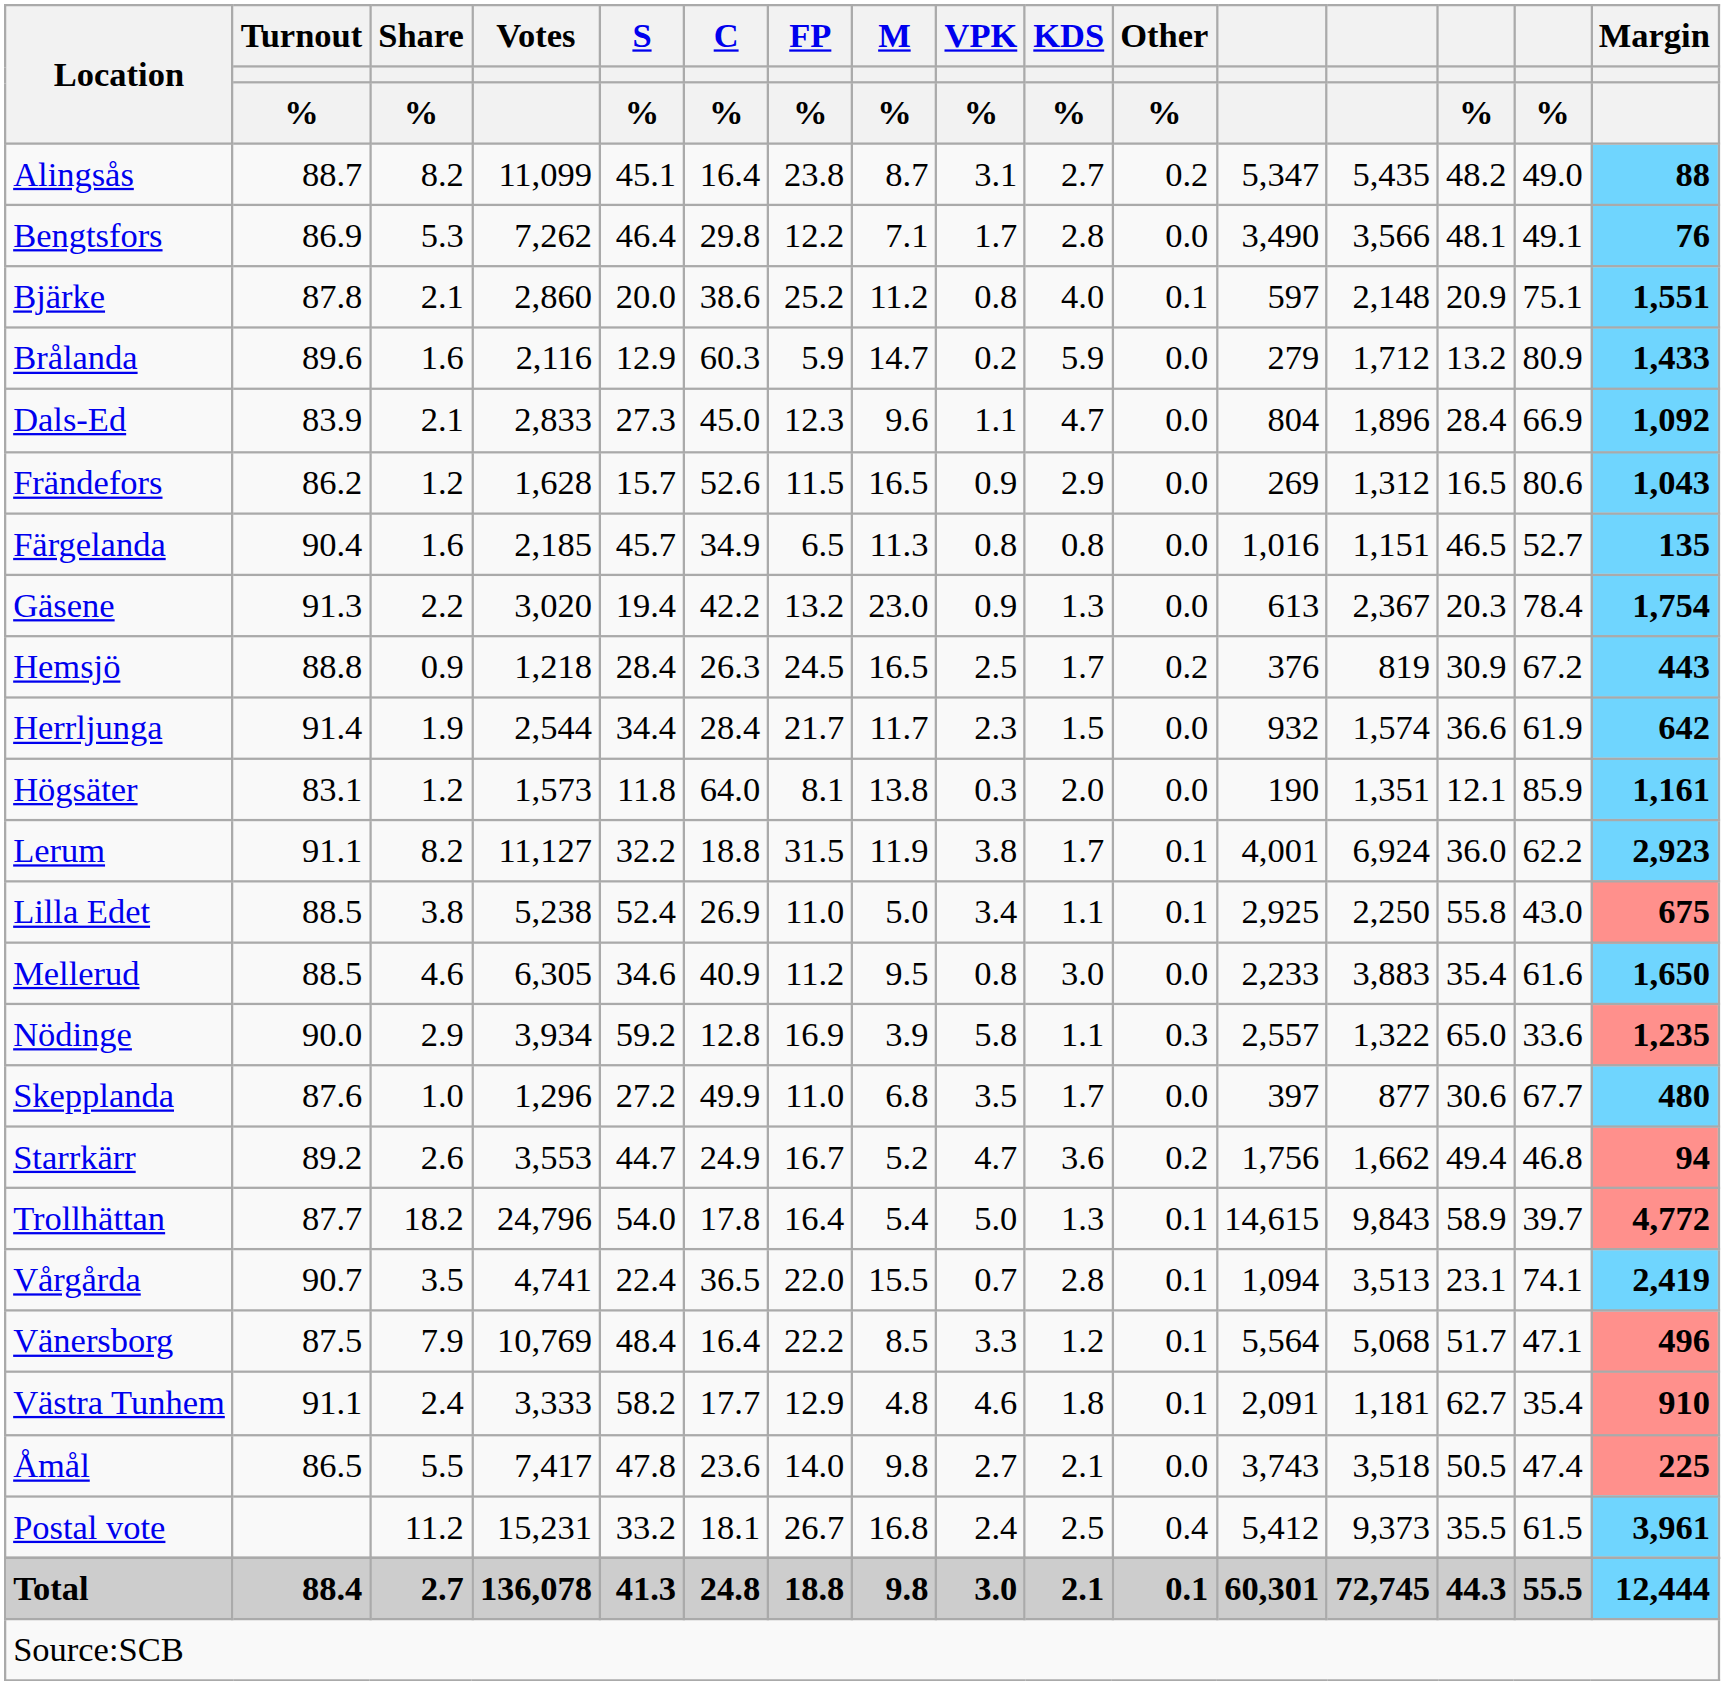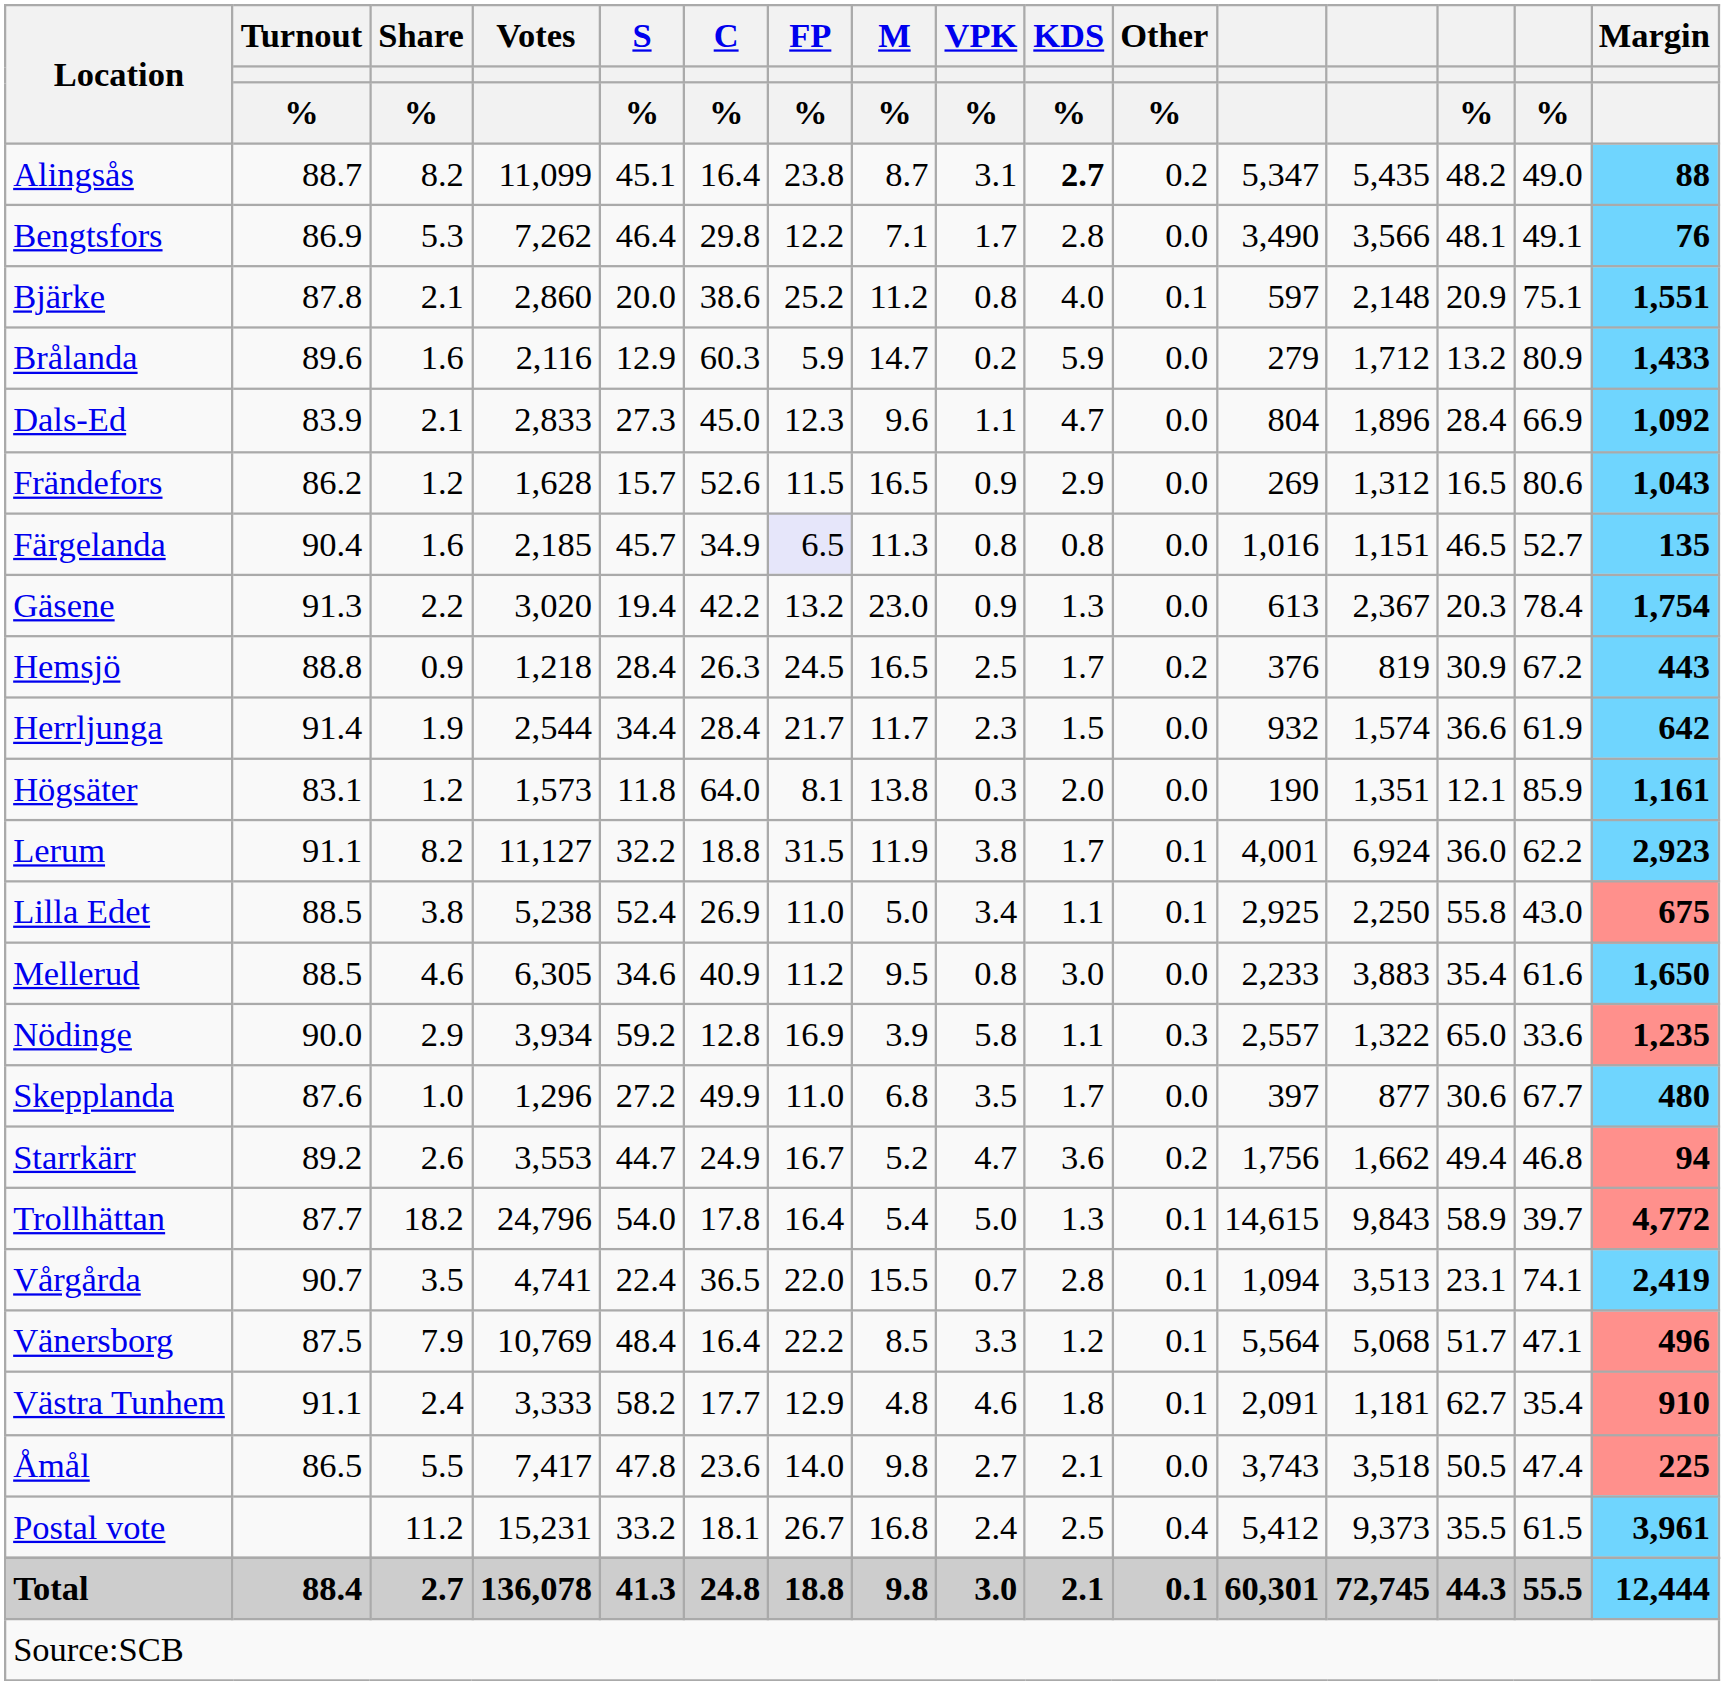 <table class="wikitable sortable" style="text-align:right; font-size:95%; line-height:20px;">
 <tr>
 <th rowspan="3">Location</th>
 <th>Turnout</th>
 <th>Share</th>
 <th>Votes</th>
 <th width="30px" class="unsortable"><a href='#'>S</a></th>
 <th width="30px" class="unsortable"><a href='#'>C</a></th>
 <th width="30px" class="unsortable"><a href='#'>FP</a></th>
 <th width="30px" class="unsortable"><a href='#'>M</a></th>
 <th width="30px" class="unsortable"><a href='#'>VPK</a></th>
 <th width="30px" class="unsortable"><a href='#'>KDS</a></th>
 <th width="30px" class="unsortable">Other</th>
 <th></th>
 <th></th>
 <th></th>
 <th></th>
 <th>Margin</th>
 </tr>
 <tr>
 <th></th>
 <th></th>
 <th></th>
 <th style="background:"></th>
 <th style="background:"></th>
 <th style="background:"></th>
 <th style="background:"></th>
 <th style="background:"></th>
 <th style="background:"></th>
 <th style="background:"></th>
 <th style="background:"></th>
 <th style="background:"></th>
 <th style="background:"></th>
 <th style="background:"></th>
 <th></th>
 </tr>
 <tr>
 <th data-sort-type="number">%</th>
 <th data-sort-type="number">%</th>
 <th></th>
 <th data-sort-type="number">%</th>
 <th data-sort-type="number">%</th>
 <th data-sort-type="number">%</th>
 <th data-sort-type="number">%</th>
 <th data-sort-type="number">%</th>
 <th data-sort-type="number">%</th>
 <th data-sort-type="number">%</th>
 <th data-sort-type="number"></th>
 <th data-sort-type="number"></th>
 <th data-sort-type="number">%</th>
 <th data-sort-type="number">%</th>
 <th data-sort-type="number"></th>
 </tr>
 <tr>
 <td align=left><a href='#'>Alingsås</a></td>
 <td>88.7</td>
 <td>8.2</td>
 <td>11,099</td>
 <td>45.1</td>
 <td>16.4</td>
 <td>23.8</td>
 <td>8.7</td>
 <td>3.1</td>
-<td>2.7</td>
+<td><strong>2.7</strong></td>
 <td>0.2</td>
 <td>5,347</td>
 <td>5,435</td>
 <td>48.2</td>
 <td>49.0</td>
 <td bgcolor=#6fd5fe><strong>88</strong></td>
 </tr>
 <tr>
 <td align=left><a href='#'>Bengtsfors</a></td>
 <td>86.9</td>
 <td>5.3</td>
 <td>7,262</td>
 <td>46.4</td>
 <td>29.8</td>
 <td>12.2</td>
 <td>7.1</td>
 <td>1.7</td>
 <td>2.8</td>
 <td>0.0</td>
 <td>3,490</td>
 <td>3,566</td>
 <td>48.1</td>
 <td>49.1</td>
 <td bgcolor=#6fd5fe><strong>76</strong></td>
 </tr>
 <tr>
 <td align=left><a href='#'>Bjärke</a></td>
 <td>87.8</td>
 <td>2.1</td>
 <td>2,860</td>
 <td>20.0</td>
 <td>38.6</td>
 <td>25.2</td>
 <td>11.2</td>
 <td>0.8</td>
 <td>4.0</td>
 <td>0.1</td>
 <td>597</td>
 <td>2,148</td>
 <td>20.9</td>
 <td>75.1</td>
 <td bgcolor=#6fd5fe><strong>1,551</strong></td>
 </tr>
 <tr>
 <td align=left><a href='#'>Brålanda</a></td>
 <td>89.6</td>
 <td>1.6</td>
 <td>2,116</td>
 <td>12.9</td>
 <td>60.3</td>
 <td>5.9</td>
 <td>14.7</td>
 <td>0.2</td>
 <td>5.9</td>
 <td>0.0</td>
 <td>279</td>
 <td>1,712</td>
 <td>13.2</td>
 <td>80.9</td>
 <td bgcolor=#6fd5fe><strong>1,433</strong></td>
 </tr>
 <tr>
 <td align=left><a href='#'>Dals-Ed</a></td>
 <td>83.9</td>
 <td>2.1</td>
 <td>2,833</td>
 <td>27.3</td>
 <td>45.0</td>
 <td>12.3</td>
 <td>9.6</td>
 <td>1.1</td>
 <td>4.7</td>
 <td>0.0</td>
 <td>804</td>
 <td>1,896</td>
 <td>28.4</td>
 <td>66.9</td>
 <td bgcolor=#6fd5fe><strong>1,092</strong></td>
 </tr>
 <tr>
 <td align=left><a href='#'>Frändefors</a></td>
 <td>86.2</td>
 <td>1.2</td>
 <td>1,628</td>
 <td>15.7</td>
 <td>52.6</td>
 <td>11.5</td>
 <td>16.5</td>
 <td>0.9</td>
 <td>2.9</td>
 <td>0.0</td>
 <td>269</td>
 <td>1,312</td>
 <td>16.5</td>
 <td>80.6</td>
 <td bgcolor=#6fd5fe><strong>1,043</strong></td>
 </tr>
 <tr>
 <td align=left><a href='#'>Färgelanda</a></td>
 <td>90.4</td>
 <td>1.6</td>
 <td>2,185</td>
 <td>45.7</td>
 <td>34.9</td>
-<td>6.5</td>
+<td style="background: lavender;">6.5</td>
 <td>11.3</td>
 <td>0.8</td>
 <td>0.8</td>
 <td>0.0</td>
 <td>1,016</td>
 <td>1,151</td>
 <td>46.5</td>
 <td>52.7</td>
 <td bgcolor=#6fd5fe><strong>135</strong></td>
 </tr>
 <tr>
 <td align=left><a href='#'>Gäsene</a></td>
 <td>91.3</td>
 <td>2.2</td>
 <td>3,020</td>
 <td>19.4</td>
 <td>42.2</td>
 <td>13.2</td>
 <td>23.0</td>
 <td>0.9</td>
 <td>1.3</td>
 <td>0.0</td>
 <td>613</td>
 <td>2,367</td>
 <td>20.3</td>
 <td>78.4</td>
 <td bgcolor=#6fd5fe><strong>1,754</strong></td>
 </tr>
 <tr>
 <td align=left><a href='#'>Hemsjö</a></td>
 <td>88.8</td>
 <td>0.9</td>
 <td>1,218</td>
 <td>28.4</td>
 <td>26.3</td>
 <td>24.5</td>
 <td>16.5</td>
 <td>2.5</td>
 <td>1.7</td>
 <td>0.2</td>
 <td>376</td>
 <td>819</td>
 <td>30.9</td>
 <td>67.2</td>
 <td bgcolor=#6fd5fe><strong>443</strong></td>
 </tr>
 <tr>
 <td align=left><a href='#'>Herrljunga</a></td>
 <td>91.4</td>
 <td>1.9</td>
 <td>2,544</td>
 <td>34.4</td>
 <td>28.4</td>
 <td>21.7</td>
 <td>11.7</td>
 <td>2.3</td>
 <td>1.5</td>
 <td>0.0</td>
 <td>932</td>
 <td>1,574</td>
 <td>36.6</td>
 <td>61.9</td>
 <td bgcolor=#6fd5fe><strong>642</strong></td>
 </tr>
 <tr>
 <td align=left><a href='#'>Högsäter</a></td>
 <td>83.1</td>
 <td>1.2</td>
 <td>1,573</td>
 <td>11.8</td>
 <td>64.0</td>
 <td>8.1</td>
 <td>13.8</td>
 <td>0.3</td>
 <td>2.0</td>
 <td>0.0</td>
 <td>190</td>
 <td>1,351</td>
 <td>12.1</td>
 <td>85.9</td>
 <td bgcolor=#6fd5fe><strong>1,161</strong></td>
 </tr>
 <tr>
 <td align=left><a href='#'>Lerum</a></td>
 <td>91.1</td>
 <td>8.2</td>
 <td>11,127</td>
 <td>32.2</td>
 <td>18.8</td>
 <td>31.5</td>
 <td>11.9</td>
 <td>3.8</td>
 <td>1.7</td>
 <td>0.1</td>
 <td>4,001</td>
 <td>6,924</td>
 <td>36.0</td>
 <td>62.2</td>
 <td bgcolor=#6fd5fe><strong>2,923</strong></td>
 </tr>
 <tr>
 <td align=left><a href='#'>Lilla Edet</a></td>
 <td>88.5</td>
 <td>3.8</td>
 <td>5,238</td>
 <td>52.4</td>
 <td>26.9</td>
 <td>11.0</td>
 <td>5.0</td>
 <td>3.4</td>
 <td>1.1</td>
 <td>0.1</td>
 <td>2,925</td>
 <td>2,250</td>
 <td>55.8</td>
 <td>43.0</td>
 <td bgcolor=#ff908c><strong>675</strong></td>
 </tr>
 <tr>
 <td align=left><a href='#'>Mellerud</a></td>
 <td>88.5</td>
 <td>4.6</td>
 <td>6,305</td>
 <td>34.6</td>
 <td>40.9</td>
 <td>11.2</td>
 <td>9.5</td>
 <td>0.8</td>
 <td>3.0</td>
 <td>0.0</td>
 <td>2,233</td>
 <td>3,883</td>
 <td>35.4</td>
 <td>61.6</td>
 <td bgcolor=#6fd5fe><strong>1,650</strong></td>
 </tr>
 <tr>
 <td align=left><a href='#'>Nödinge</a></td>
 <td>90.0</td>
 <td>2.9</td>
 <td>3,934</td>
 <td>59.2</td>
 <td>12.8</td>
 <td>16.9</td>
 <td>3.9</td>
 <td>5.8</td>
 <td>1.1</td>
 <td>0.3</td>
 <td>2,557</td>
 <td>1,322</td>
 <td>65.0</td>
 <td>33.6</td>
 <td bgcolor=#ff908c><strong>1,235</strong></td>
 </tr>
 <tr>
 <td align=left><a href='#'>Skepplanda</a></td>
 <td>87.6</td>
 <td>1.0</td>
 <td>1,296</td>
 <td>27.2</td>
 <td>49.9</td>
 <td>11.0</td>
 <td>6.8</td>
 <td>3.5</td>
 <td>1.7</td>
 <td>0.0</td>
 <td>397</td>
 <td>877</td>
 <td>30.6</td>
 <td>67.7</td>
 <td bgcolor=#6fd5fe><strong>480</strong></td>
 </tr>
 <tr>
 <td align=left><a href='#'>Starrkärr</a></td>
 <td>89.2</td>
 <td>2.6</td>
 <td>3,553</td>
 <td>44.7</td>
 <td>24.9</td>
 <td>16.7</td>
 <td>5.2</td>
 <td>4.7</td>
 <td>3.6</td>
 <td>0.2</td>
 <td>1,756</td>
 <td>1,662</td>
 <td>49.4</td>
 <td>46.8</td>
 <td bgcolor=#ff908c><strong>94</strong></td>
 </tr>
 <tr>
 <td align=left><a href='#'>Trollhättan</a></td>
 <td>87.7</td>
 <td>18.2</td>
 <td>24,796</td>
 <td>54.0</td>
 <td>17.8</td>
 <td>16.4</td>
 <td>5.4</td>
 <td>5.0</td>
 <td>1.3</td>
 <td>0.1</td>
 <td>14,615</td>
 <td>9,843</td>
 <td>58.9</td>
 <td>39.7</td>
 <td bgcolor=#ff908c><strong>4,772</strong></td>
 </tr>
 <tr>
 <td align=left><a href='#'>Vårgårda</a></td>
 <td>90.7</td>
 <td>3.5</td>
 <td>4,741</td>
 <td>22.4</td>
 <td>36.5</td>
 <td>22.0</td>
 <td>15.5</td>
 <td>0.7</td>
 <td>2.8</td>
 <td>0.1</td>
 <td>1,094</td>
 <td>3,513</td>
 <td>23.1</td>
 <td>74.1</td>
 <td bgcolor=#6fd5fe><strong>2,419</strong></td>
 </tr>
 <tr>
 <td align=left><a href='#'>Vänersborg</a></td>
 <td>87.5</td>
 <td>7.9</td>
 <td>10,769</td>
 <td>48.4</td>
 <td>16.4</td>
 <td>22.2</td>
 <td>8.5</td>
 <td>3.3</td>
 <td>1.2</td>
 <td>0.1</td>
 <td>5,564</td>
 <td>5,068</td>
 <td>51.7</td>
 <td>47.1</td>
 <td bgcolor=#ff908c><strong>496</strong></td>
 </tr>
 <tr>
 <td align=left><a href='#'>Västra Tunhem</a></td>
 <td>91.1</td>
 <td>2.4</td>
 <td>3,333</td>
 <td>58.2</td>
 <td>17.7</td>
 <td>12.9</td>
 <td>4.8</td>
 <td>4.6</td>
 <td>1.8</td>
 <td>0.1</td>
 <td>2,091</td>
 <td>1,181</td>
 <td>62.7</td>
 <td>35.4</td>
 <td bgcolor=#ff908c><strong>910</strong></td>
 </tr>
 <tr>
 <td align=left><a href='#'>Åmål</a></td>
 <td>86.5</td>
 <td>5.5</td>
 <td>7,417</td>
 <td>47.8</td>
 <td>23.6</td>
 <td>14.0</td>
 <td>9.8</td>
 <td>2.7</td>
 <td>2.1</td>
 <td>0.0</td>
 <td>3,743</td>
 <td>3,518</td>
 <td>50.5</td>
 <td>47.4</td>
 <td bgcolor=#ff908c><strong>225</strong></td>
 </tr>
 <tr>
 <td align=left><a href='#'>Postal vote</a></td>
 <td></td>
 <td>11.2</td>
 <td>15,231</td>
 <td>33.2</td>
 <td>18.1</td>
 <td>26.7</td>
 <td>16.8</td>
 <td>2.4</td>
 <td>2.5</td>
 <td>0.4</td>
 <td>5,412</td>
 <td>9,373</td>
 <td>35.5</td>
 <td>61.5</td>
 <td bgcolor=#6fd5fe><strong>3,961</strong></td>
 </tr>
 <tr>
 </tr>
 <tr style="background:#CDCDCD;">
 <td align=left><strong>Total</strong></td>
 <td><strong>88.4</strong></td>
 <td><strong>2.7</strong></td>
 <td><strong>136,078</strong></td>
 <td><strong>41.3</strong></td>
 <td><strong>24.8</strong></td>
 <td><strong>18.8</strong></td>
 <td><strong>9.8</strong></td>
 <td><strong>3.0</strong></td>
 <td><strong>2.1</strong></td>
 <td><strong>0.1</strong></td>
 <td><strong>60,301</strong></td>
 <td><strong>72,745</strong></td>
 <td><strong>44.3</strong></td>
 <td><strong>55.5</strong></td>
 <td bgcolor=#6fd5fe><strong>12,444</strong></td>
 </tr>
 <tr>
 <td align=left colspan=16>Source:SCB </td>
 </tr>
 </table>
